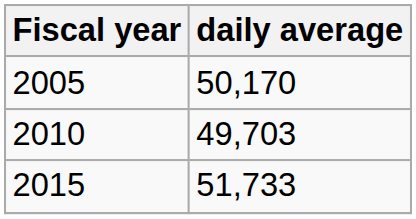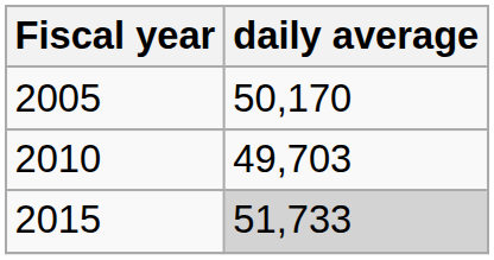 <table class="wikitable">
 <tr>
 <th>Fiscal year</th>
 <th>daily average</th>
 </tr>
 <tr>
 <td>2005</td>
 <td>50,170</td>
 </tr>
 <tr>
 <td>2010</td>
 <td>49,703</td>
 </tr>
 <tr>
 <td>2015</td>
-<td>51,733</td>
+<td style="background: lightgrey;">51,733</td>
 </tr>
 <tr>
 </tr>
 </table>
